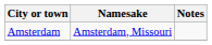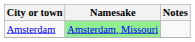 <table class="wikitable">
 <tr>
 <th>City or town</th>
 <th>Namesake</th>
 <th>Notes</th>
 </tr>
 <tr>
 <td><a href='#'>Amsterdam</a></td>
-<td><a href='#'>Amsterdam, Missouri</a></td>
+<td style="background: lightgreen;"><a href='#'>Amsterdam, Missouri</a></td>
 <td></td>
 </tr>
 <tr>
 </tr>
 </table>
